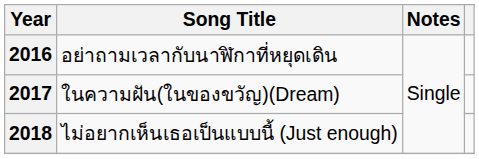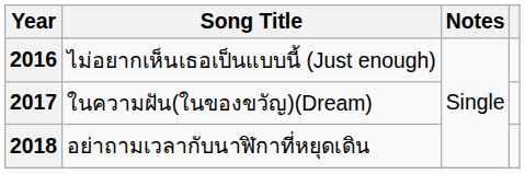 <table class="wikitable">
 <tr>
 <th>Year</th>
 <th>Song Title</th>
 <th>Notes</th>
 <th></th>
 </tr>
 <tr>
 <th scope="row" rowspan="1">2016</th>
-<td>อย่าถามเวลากับนาฬิกาที่หยุดเดิน</td>
+<td>ไม่อยากเห็นเธอเป็นแบบนี้ (Just enough)</td>
 <td rowspan="3">Single</td>
 <td></td>
 </tr>
 <tr>
 <th scope="row" rowspan="1">2017</th>
 <td>ในความฝัน(ในของขวัญ)(Dream)</td>
 <td></td>
 </tr>
 <tr>
 <th scope="row" rowspan="1">2018</th>
-<td>ไม่อยากเห็นเธอเป็นแบบนี้ (Just enough)</td>
+<td>อย่าถามเวลากับนาฬิกาที่หยุดเดิน</td>
 <td></td>
 </tr>
 <tr>
 </tr>
 </table>
